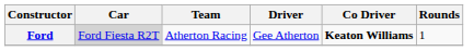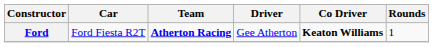 <table class=wikitable style="font-size: 85%">
 <tr>
 <th>Constructor</th>
 <th>Car</th>
 <th>Team</th>
 <th>Driver</th>
 <th>Co Driver</th>
 <th>Rounds</th>
 </tr>
 <tr>
 <th><a href='#'>Ford</a></th>
-<td style="background: lightgrey;"><a href='#'>Ford Fiesta R2T</a></td>
-<td> <a href='#'>Atherton Racing</a></td>
+<td><a href='#'>Ford Fiesta R2T</a></td>
+<td><strong> <a href='#'>Atherton Racing</a></strong></td>
 <td> <a href='#'>Gee Atherton</a></td>
 <td><strong> Keaton Williams</strong></td>
 <td>1</td>
 </tr>
 <tr>
 </tr>
 </table>
